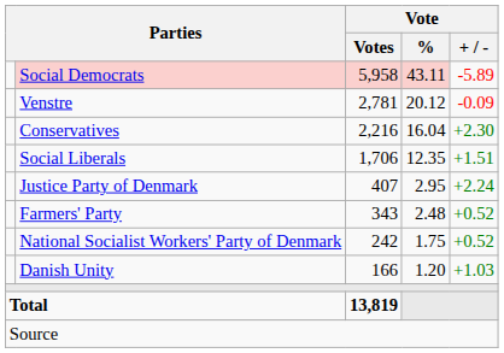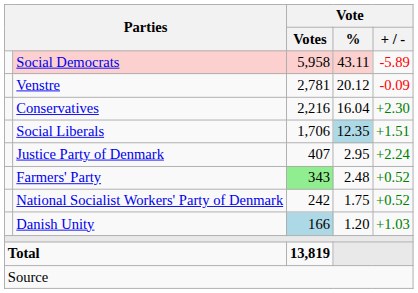 <table class="wikitable" style="text-align:right;">
 <tr>
 <th style="text-align:centre;" rowspan="2" colspan="2" width="225">Parties</th>
 <th colspan="3">Vote</th>
 </tr>
 <tr>
 <th width="15">Votes</th>
 <th width="15">%</th>
 <th width="15">+ / -</th>
 </tr>
 <tr>
 <td width="2" style="color:inherit;background:"></td>
 <td bgcolor=#fbd0ce  align="left"><a href='#'>Social Democrats</a></td>
 <td bgcolor=#fbd0ce>5,958</td>
 <td bgcolor=#fbd0ce>43.11</td>
 <td style=color:red;>-5.89</td>
 </tr>
 <tr>
 <td width="2" style="color:inherit;background:"></td>
 <td align="left"><a href='#'>Venstre</a></td>
 <td>2,781</td>
 <td>20.12</td>
 <td style=color:red;>-0.09</td>
 </tr>
 <tr>
 <td width="2" style="color:inherit;background:"></td>
 <td align="left"><a href='#'>Conservatives</a></td>
 <td>2,216</td>
 <td>16.04</td>
 <td style=color:green;>+2.30</td>
 </tr>
 <tr>
 <td width="2" style="color:inherit;background:"></td>
 <td align="left"><a href='#'>Social Liberals</a></td>
 <td>1,706</td>
-<td>12.35</td>
+<td style="background: lightblue;">12.35</td>
 <td style=color:green;>+1.51</td>
 </tr>
 <tr>
 <td width="2" style="color:inherit;background:"></td>
 <td align="left"><a href='#'>Justice Party of Denmark</a></td>
 <td>407</td>
 <td>2.95</td>
 <td style=color:green;>+2.24</td>
 </tr>
 <tr>
 <td width="2" style="color:inherit;background:"></td>
 <td align="left"><a href='#'>Farmers' Party</a></td>
-<td>343</td>
+<td style="background: lightgreen;">343</td>
 <td>2.48</td>
 <td style=color:green;>+0.52</td>
 </tr>
 <tr>
 <td width="2" style="color:inherit;background:"></td>
 <td align="left"><a href='#'>National Socialist Workers' Party of Denmark</a></td>
 <td>242</td>
 <td>1.75</td>
 <td style=color:green;>+0.52</td>
 </tr>
 <tr>
 <td width="2" style="color:inherit;background:"></td>
 <td align="left"><a href='#'>Danish Unity</a></td>
-<td>166</td>
+<td style="background: lightblue;">166</td>
 <td>1.20</td>
 <td style=color:green;>+1.03</td>
 </tr>
 <tr>
 <td colspan="7" bgcolor="#E9E9E9"></td>
 </tr>
 <tr>
 <td align="left" colspan="2"><strong>Total</strong></td>
 <td><strong>13,819</strong></td>
 <td bgcolor="#E9E9E9" colspan="2"></td>
 </tr>
 <tr>
 <td align="left" colspan="6">Source</td>
 </tr>
 </table>
